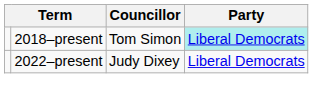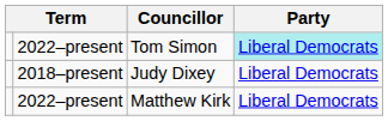 <table class="wikitable">
 <tr>
 <th colspan=2>Term</th>
 <th>Councillor</th>
 <th>Party</th>
 </tr>
 <tr>
 <td style="background-color: "></td>
-<td>2018–present</td>
+<td>2022–present</td>
 <td>Tom Simon</td>
 <td style="background: paleturquoise;"><a href='#'>Liberal Democrats</a></td>
 </tr>
 <tr>
 <td style="background-color: "></td>
-<td>2022–present</td>
+<td>2018–present</td>
 <td>Judy Dixey</td>
 <td><a href='#'>Liberal Democrats</a></td>
 </tr>
+<tr>
+<td style="background-color: "></td>
+<td>2022–present</td>
+<td>Matthew Kirk</td>
+<td><a href='#'>Liberal Democrats</a></td>
+</tr>
 </table>
